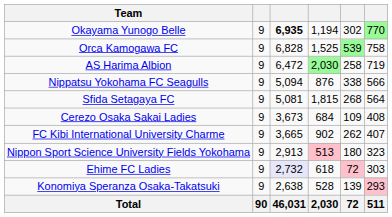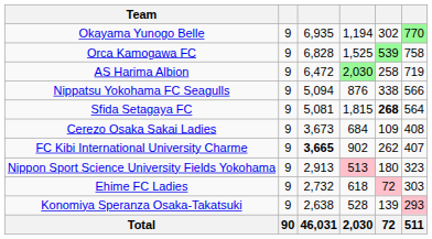 <table class="wikitable sortable" style="font-size: 95%;text-align: center;">
 <tr>
 <th>Team</th>
 <th></th>
 <th></th>
 <th></th>
 <th></th>
 <th></th>
 </tr>
 <tr>
 <td><a href='#'>Okayama Yunogo Belle</a></td>
 <td>9</td>
-<td><strong>6,935</strong></td>
+<td>6,935</td>
 <td>1,194</td>
 <td>302</td>
 <td bgcolor="#98FB98">770</td>
 </tr>
 <tr>
 <td><a href='#'>Orca Kamogawa FC</a></td>
 <td>9</td>
 <td>6,828</td>
 <td>1,525</td>
 <td bgcolor="#98FB98">539</td>
 <td>758</td>
 </tr>
 <tr>
 <td><a href='#'>AS Harima Albion</a></td>
 <td>9</td>
 <td>6,472</td>
 <td bgcolor="#98FB98">2,030</td>
 <td>258</td>
 <td>719</td>
 </tr>
 <tr>
 <td><a href='#'>Nippatsu Yokohama FC Seagulls</a></td>
 <td>9</td>
 <td>5,094</td>
 <td>876</td>
 <td>338</td>
 <td>566</td>
 </tr>
 <tr>
 <td><a href='#'>Sfida Setagaya FC</a></td>
 <td>9</td>
 <td>5,081</td>
 <td>1,815</td>
-<td>268</td>
+<td><strong>268</strong></td>
 <td>564</td>
 </tr>
 <tr>
 <td><a href='#'>Cerezo Osaka Sakai Ladies</a></td>
 <td>9</td>
 <td>3,673</td>
 <td>684</td>
 <td>109</td>
 <td>408</td>
 </tr>
 <tr>
 <td><a href='#'>FC Kibi International University Charme</a></td>
 <td>9</td>
-<td>3,665</td>
+<td><strong>3,665</strong></td>
 <td>902</td>
 <td>262</td>
 <td>407</td>
 </tr>
 <tr>
 <td><a href='#'>Nippon Sport Science University Fields Yokohama</a></td>
 <td>9</td>
 <td>2,913</td>
 <td bgcolor="#FFC0CB">513</td>
 <td>180</td>
 <td>323</td>
 </tr>
 <tr>
 <td><a href='#'>Ehime FC Ladies</a></td>
 <td>9</td>
-<td style="background: lavender;">2,732</td>
+<td>2,732</td>
 <td>618</td>
 <td bgcolor="#FFC0CB">72</td>
 <td>303</td>
 </tr>
 <tr>
 <td><a href='#'>Konomiya Speranza Osaka-Takatsuki</a></td>
 <td>9</td>
 <td>2,638</td>
 <td>528</td>
 <td>139</td>
 <td bgcolor="#FFC0CB">293</td>
 </tr>
 <tr>
 <th>Total</th>
 <th>90</th>
 <th>46,031</th>
 <th>2,030</th>
 <th>72</th>
 <th>511</th>
 </tr>
 </table>
